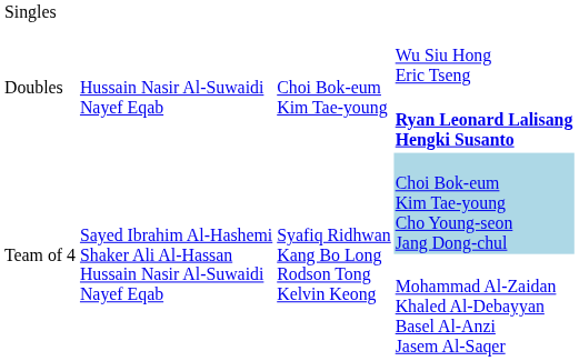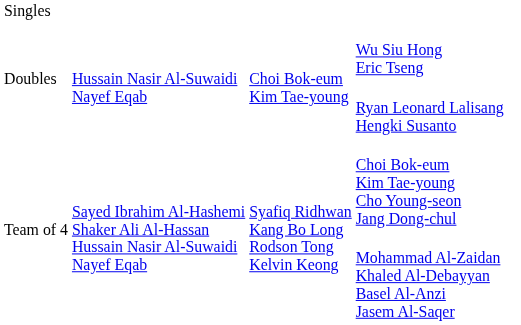 <table>
 <tr>
 <td rowspan=2>Singles</td>
 <td rowspan=2></td>
 <td rowspan=2></td>
 <td></td>
 </tr>
 <tr>
 <td></td>
 </tr>
 <tr>
 <td rowspan=2>Doubles</td>
 <td rowspan=2><br><a href='#'>Hussain Nasir Al-Suwaidi</a><br><a href='#'>Nayef Eqab</a></td>
 <td rowspan=2><br><a href='#'>Choi Bok-eum</a><br><a href='#'>Kim Tae-young</a></td>
 <td><br><a href='#'>Wu Siu Hong</a><br><a href='#'>Eric Tseng</a></td>
 </tr>
 <tr>
-<td><strong><br><a href='#'>Ryan Leonard Lalisang</a><br><a href='#'>Hengki Susanto</a></strong></td>
+<td><br><a href='#'>Ryan Leonard Lalisang</a><br><a href='#'>Hengki Susanto</a></td>
 </tr>
 <tr>
 <td rowspan=2>Team of 4</td>
 <td rowspan=2><br><a href='#'>Sayed Ibrahim Al-Hashemi</a><br><a href='#'>Shaker Ali Al-Hassan</a><br><a href='#'>Hussain Nasir Al-Suwaidi</a><br><a href='#'>Nayef Eqab</a></td>
 <td rowspan=2><br><a href='#'>Syafiq Ridhwan</a><br><a href='#'>Kang Bo Long</a><br><a href='#'>Rodson Tong</a><br><a href='#'>Kelvin Keong</a></td>
-<td style="background: lightblue;"><br><a href='#'>Choi Bok-eum</a><br><a href='#'>Kim Tae-young</a><br><a href='#'>Cho Young-seon</a><br><a href='#'>Jang Dong-chul</a></td>
+<td><br><a href='#'>Choi Bok-eum</a><br><a href='#'>Kim Tae-young</a><br><a href='#'>Cho Young-seon</a><br><a href='#'>Jang Dong-chul</a></td>
 </tr>
 <tr>
 <td><br><a href='#'>Mohammad Al-Zaidan</a><br><a href='#'>Khaled Al-Debayyan</a><br><a href='#'>Basel Al-Anzi</a><br><a href='#'>Jasem Al-Saqer</a></td>
 </tr>
 </table>
